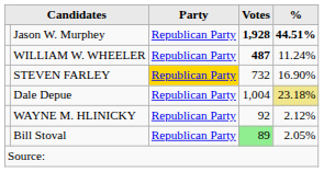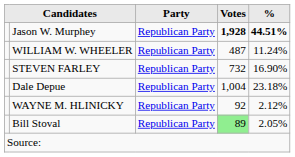 <table class=wikitable style="font-size:85%; text-align:right;">
 <tr>
 <th style="background-color:#E9E9E9" align=center colspan=2>Candidates</th>
 <th style="background-color:#E9E9E9" align=center>Party</th>
 <th style="background-color:#E9E9E9" align=center>Votes</th>
 <th style="background-color:#E9E9E9" align=center>%</th>
 </tr>
 <tr>
 <td></td>
 <td align=left>Jason W. Murphey</td>
 <td align=center><a href='#'>Republican Party</a></td>
 <td><strong>1,928</strong></td>
 <td><strong>44.51%</strong></td>
 </tr>
 <tr>
 <td></td>
 <td align=left>WILLIAM W. WHEELER</td>
 <td align=center><a href='#'>Republican Party</a></td>
-<td><strong>487</strong></td>
+<td>487</td>
 <td>11.24%</td>
 </tr>
 <tr>
 <td></td>
 <td align=left>STEVEN FARLEY</td>
-<td align=center style="background: gold;"><a href='#'>Republican Party</a></td>
+<td align=center><a href='#'>Republican Party</a></td>
 <td>732</td>
 <td>16.90%</td>
 </tr>
 <tr>
 <td></td>
 <td align=left>Dale Depue</td>
 <td align=center><a href='#'>Republican Party</a></td>
 <td>1,004</td>
-<td style="background: khaki;">23.18%</td>
+<td>23.18%</td>
 </tr>
 <tr>
 <td></td>
 <td align=left>WAYNE M. HLINICKY</td>
 <td align=center><a href='#'>Republican Party</a></td>
 <td>92</td>
 <td>2.12%</td>
 </tr>
 <tr>
 <td></td>
 <td align=left>Bill Stoval</td>
 <td align=center><a href='#'>Republican Party</a></td>
 <td style="background: lightgreen;">89</td>
 <td>2.05%</td>
 </tr>
 <tr>
 <td align="left" colspan=6>Source: </td>
 </tr>
 </table>
